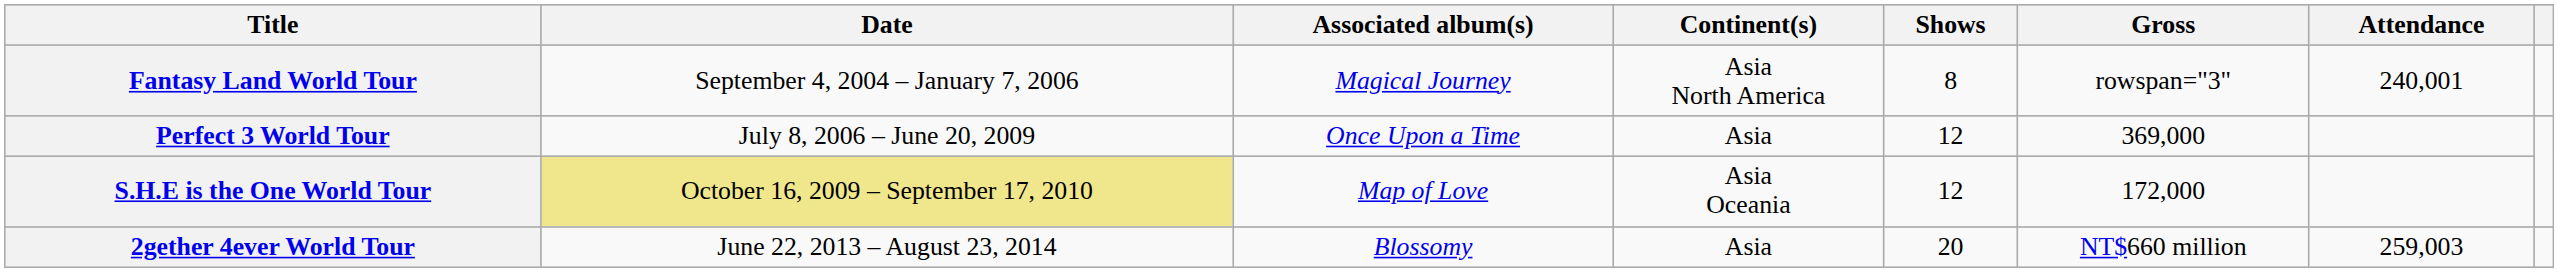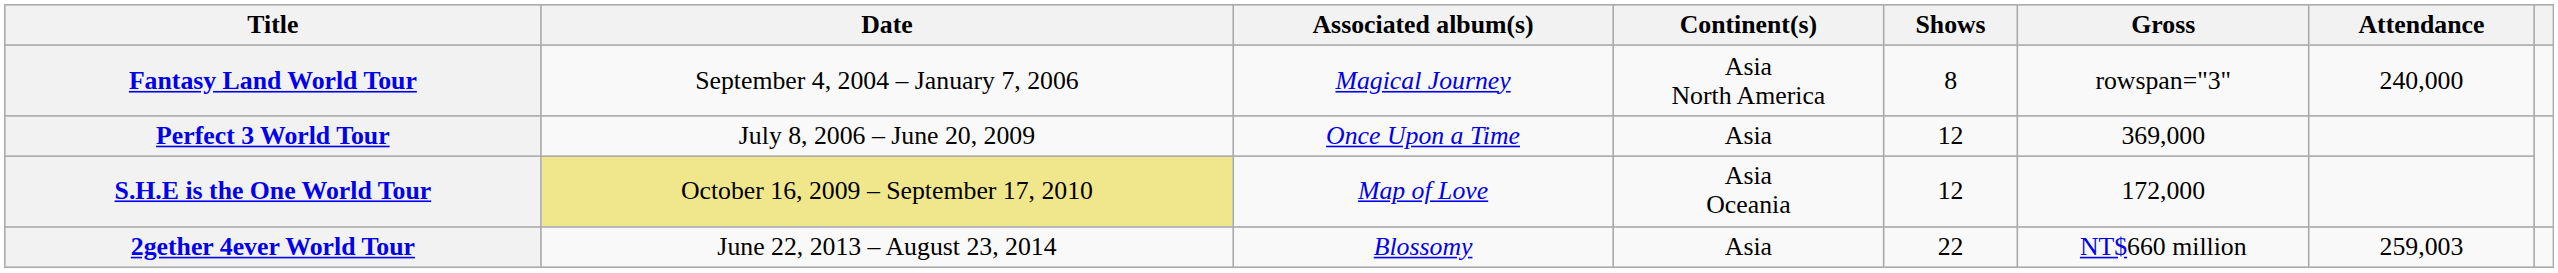 <table class="wikitable sortable plainrowheaders" style="text-align:center;" width="100%">
 <tr>
 <th scope="col">Title</th>
 <th scope="col">Date</th>
 <th scope="col">Associated album(s)</th>
 <th scope="col">Continent(s)</th>
 <th scope="col">Shows</th>
 <th scope="col">Gross</th>
 <th scope="col">Attendance</th>
 <th scope="col" class="unsortable"></th>
 </tr>
 <tr>
 <th scope="row"><a href='#'>Fantasy Land World Tour</a></th>
 <td>September 4, 2004 – January 7, 2006</td>
 <td><em><a href='#'>Magical Journey</a></em></td>
 <td>Asia<br>North America</td>
 <td>8</td>
 <td>rowspan="3" </td>
-<td>240,001</td>
+<td>240,000</td>
 <td></td>
 </tr>
 <tr>
 <th scope="row"><a href='#'>Perfect 3 World Tour</a></th>
 <td>July 8, 2006 – June 20, 2009</td>
 <td><em><a href='#'>Once Upon a Time</a></em></td>
 <td>Asia</td>
 <td>12</td>
 <td>369,000</td>
 <td></td>
 </tr>
 <tr>
 <th scope="row"><a href='#'>S.H.E is the One World Tour</a></th>
 <td style="background: khaki;">October 16, 2009 – September 17, 2010</td>
 <td><em><a href='#'>Map of Love</a></em></td>
 <td>Asia<br>Oceania</td>
 <td>12</td>
 <td>172,000</td>
 <td></td>
 </tr>
 <tr>
 <th scope="row"><a href='#'>2gether 4ever World Tour</a></th>
 <td>June 22, 2013 – August 23, 2014</td>
 <td><em><a href='#'>Blossomy</a></em></td>
 <td>Asia</td>
-<td>20</td>
+<td>22</td>
 <td><a href='#'>NT$</a>660 million</td>
 <td>259,003</td>
 <td></td>
 </tr>
 </table>
